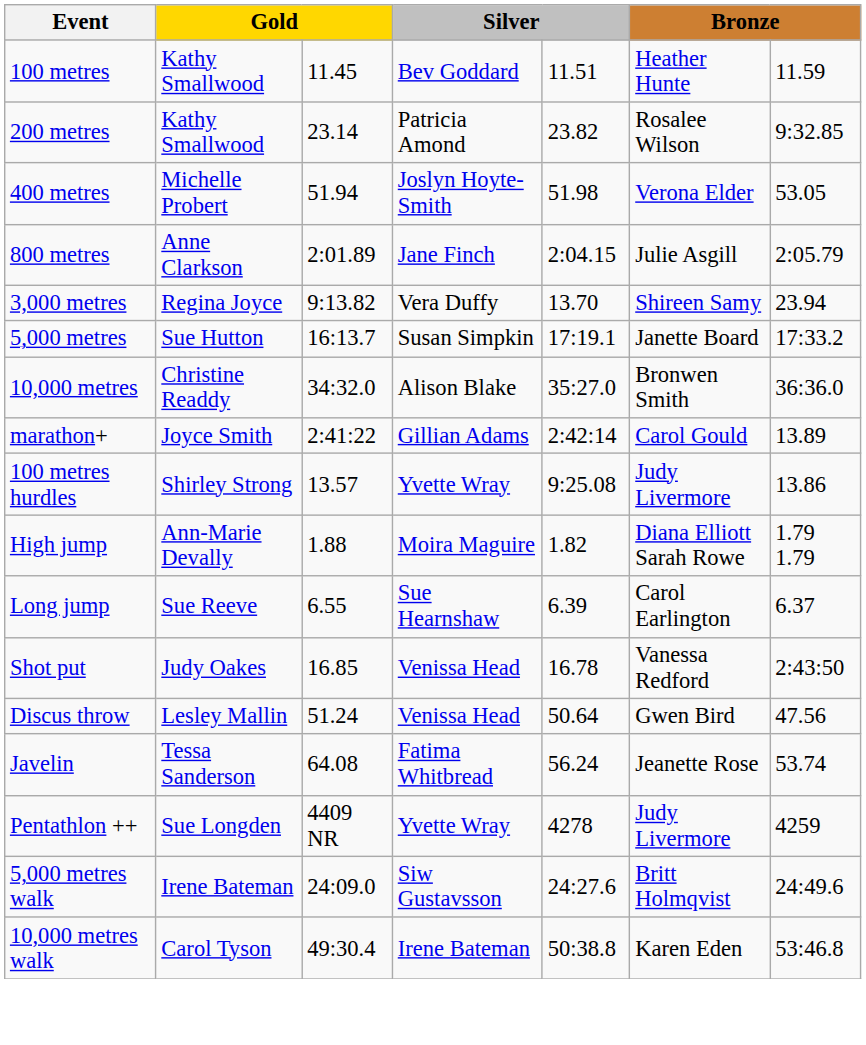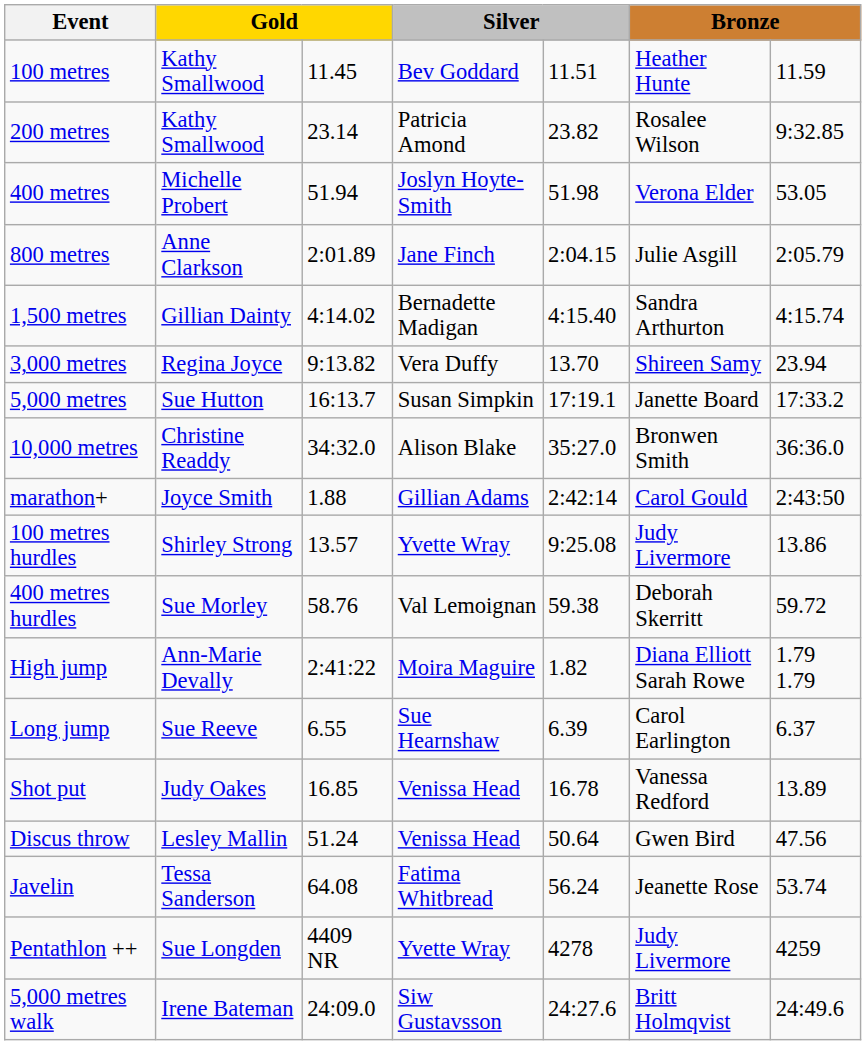 <table class="wikitable" style="text-align:left">
 <tr>
 <th width=100>Event</th>
 <th colspan="2" width="280" style="background:gold;">Gold</th>
 <th colspan="2" width="280" style="background:silver;">Silver</th>
 <th colspan="2" width="280" style="background:#CD7F32;">Bronze</th>
 </tr>
 <tr>
 <td><a href='#'>100 metres</a></td>
 <td><a href='#'>Kathy Smallwood</a></td>
 <td>11.45</td>
 <td><a href='#'>Bev Goddard</a></td>
 <td>11.51</td>
 <td><a href='#'>Heather Hunte</a></td>
 <td>11.59</td>
 </tr>
 <tr>
 <td><a href='#'>200 metres</a></td>
 <td><a href='#'>Kathy Smallwood</a></td>
 <td>23.14</td>
 <td> Patricia Amond</td>
 <td>23.82</td>
 <td>Rosalee Wilson</td>
 <td>9:32.85</td>
 </tr>
 <tr>
 <td><a href='#'>400 metres</a></td>
 <td><a href='#'>Michelle Probert</a></td>
 <td>51.94</td>
 <td><a href='#'>Joslyn Hoyte-Smith</a></td>
 <td>51.98</td>
 <td><a href='#'>Verona Elder</a></td>
 <td>53.05</td>
 </tr>
 <tr>
 <td><a href='#'>800 metres</a></td>
 <td> <a href='#'>Anne Clarkson</a></td>
 <td>2:01.89</td>
 <td><a href='#'>Jane Finch</a></td>
 <td>2:04.15</td>
 <td>Julie Asgill</td>
 <td>2:05.79</td>
 </tr>
 <tr>
+<td><a href='#'>1,500 metres</a></td>
+<td><a href='#'>Gillian Dainty</a></td>
+<td>4:14.02</td>
+<td>Bernadette Madigan</td>
+<td>4:15.40</td>
+<td>Sandra Arthurton</td>
+<td>4:15.74</td>
+</tr>
+<tr>
 <td><a href='#'>3,000 metres</a></td>
 <td> <a href='#'>Regina Joyce</a></td>
 <td>9:13.82</td>
 <td> Vera Duffy</td>
 <td>13.70</td>
 <td><a href='#'>Shireen Samy</a></td>
 <td>23.94</td>
 </tr>
 <tr>
 <td><a href='#'>5,000 metres</a></td>
 <td><a href='#'>Sue Hutton</a></td>
 <td>16:13.7</td>
 <td>Susan Simpkin</td>
 <td>17:19.1</td>
 <td>Janette Board</td>
 <td>17:33.2</td>
 </tr>
 <tr>
 <td><a href='#'>10,000 metres</a></td>
 <td><a href='#'>Christine Readdy</a></td>
 <td>34:32.0</td>
 <td>Alison Blake</td>
 <td>35:27.0</td>
 <td>Bronwen Smith</td>
 <td>36:36.0</td>
 </tr>
 <tr>
 <td><a href='#'>marathon</a>+</td>
 <td><a href='#'>Joyce Smith</a></td>
-<td>2:41:22</td>
+<td>1.88</td>
 <td><a href='#'>Gillian Adams</a></td>
 <td>2:42:14</td>
 <td><a href='#'>Carol Gould</a></td>
-<td>13.89</td>
+<td>2:43:50</td>
 </tr>
 <tr>
 <td><a href='#'>100 metres hurdles</a></td>
 <td><a href='#'>Shirley Strong</a></td>
 <td>13.57</td>
 <td><a href='#'>Yvette Wray</a></td>
 <td>9:25.08</td>
 <td><a href='#'>Judy Livermore</a></td>
 <td>13.86</td>
 </tr>
 <tr>
+<td><a href='#'>400 metres hurdles</a></td>
+<td><a href='#'>Sue Morley</a></td>
+<td>58.76</td>
+<td>Val Lemoignan</td>
+<td>59.38</td>
+<td>Deborah Skerritt</td>
+<td>59.72</td>
+</tr>
+<tr>
 <td><a href='#'>High jump</a></td>
 <td><a href='#'>Ann-Marie Devally</a></td>
-<td>1.88</td>
+<td>2:41:22</td>
 <td> <a href='#'>Moira Maguire</a></td>
 <td>1.82</td>
 <td><a href='#'>Diana Elliott</a><br>Sarah Rowe</td>
 <td>1.79<br>1.79</td>
 </tr>
 <tr>
 <td><a href='#'>Long jump</a></td>
 <td><a href='#'>Sue Reeve</a></td>
 <td>6.55</td>
 <td><a href='#'>Sue Hearnshaw</a></td>
 <td>6.39</td>
 <td>Carol Earlington</td>
 <td>6.37</td>
 </tr>
 <tr>
 <td><a href='#'>Shot put</a></td>
 <td><a href='#'>Judy Oakes</a></td>
 <td>16.85</td>
 <td> <a href='#'>Venissa Head</a></td>
 <td>16.78</td>
 <td>Vanessa Redford</td>
-<td>2:43:50</td>
+<td>13.89</td>
 </tr>
 <tr>
 <td><a href='#'>Discus throw</a></td>
 <td><a href='#'>Lesley Mallin</a></td>
 <td>51.24</td>
 <td> <a href='#'>Venissa Head</a></td>
 <td>50.64</td>
 <td>Gwen Bird</td>
 <td>47.56</td>
 </tr>
 <tr>
 <td><a href='#'>Javelin</a></td>
 <td><a href='#'>Tessa Sanderson</a></td>
 <td>64.08</td>
 <td><a href='#'>Fatima Whitbread</a></td>
 <td>56.24</td>
 <td>Jeanette Rose</td>
 <td>53.74</td>
 </tr>
 <tr>
 <td><a href='#'>Pentathlon</a> ++</td>
 <td><a href='#'>Sue Longden</a></td>
 <td>4409 NR</td>
 <td><a href='#'>Yvette Wray</a></td>
 <td>4278</td>
 <td><a href='#'>Judy Livermore</a></td>
 <td>4259</td>
 </tr>
 <tr>
 <td><a href='#'>5,000 metres walk</a></td>
 <td><a href='#'>Irene Bateman</a></td>
 <td>24:09.0</td>
 <td> <a href='#'>Siw Gustavsson</a></td>
 <td>24:27.6</td>
 <td> <a href='#'>Britt Holmqvist</a></td>
 <td>24:49.6</td>
 </tr>
-<tr>
-<td><a href='#'>10,000 metres walk</a></td>
-<td><a href='#'>Carol Tyson</a></td>
-<td>49:30.4</td>
-<td><a href='#'>Irene Bateman</a></td>
-<td>50:38.8</td>
-<td>Karen Eden</td>
-<td>53:46.8</td>
-</tr>
 </table>
